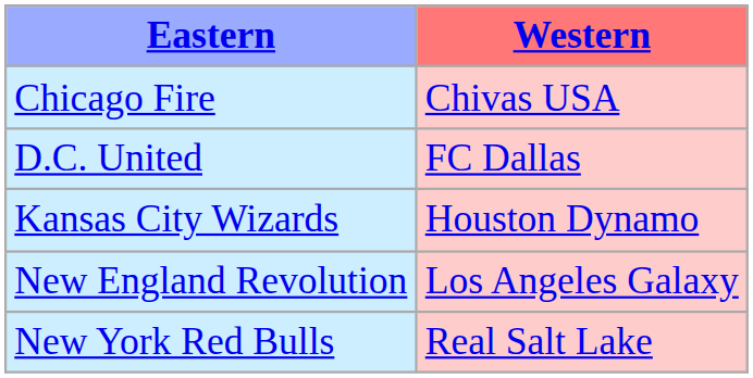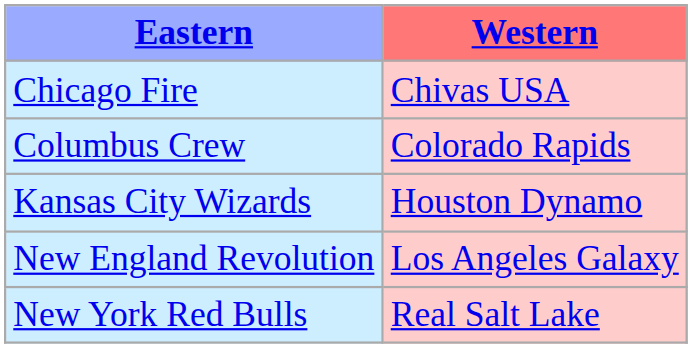 <table class="wikitable">
 <tr>
 <th style="background-color: #9AF;"><a href='#'>Eastern</a></th>
 <th style="background-color: #F77;"><a href='#'>Western</a></th>
 </tr>
 <tr>
 <td style="background-color: #CEF;"><a href='#'>Chicago Fire</a></td>
 <td style="background-color: #FCC;"><a href='#'>Chivas USA</a></td>
 </tr>
 <tr>
-<td style="background-color: #CEF;"><a href='#'>D.C. United</a></td>
-<td style="background-color: #FCC;"><a href='#'>FC Dallas</a></td>
+<td style="background-color: #CEF;"><a href='#'>Columbus Crew</a></td>
+<td style="background-color: #FCC;"><a href='#'>Colorado Rapids</a></td>
 </tr>
 <tr>
 <td style="background-color: #CEF;"><a href='#'>Kansas City Wizards</a></td>
 <td style="background-color: #FCC;"><a href='#'>Houston Dynamo</a></td>
 </tr>
 <tr>
 <td style="background-color: #CEF;"><a href='#'>New England Revolution</a></td>
 <td style="background-color: #FCC;"><a href='#'>Los Angeles Galaxy</a></td>
 </tr>
 <tr>
 <td style="background-color: #CEF;"><a href='#'>New York Red Bulls</a></td>
 <td style="background-color: #FCC;"><a href='#'>Real Salt Lake</a></td>
 </tr>
 </table>
